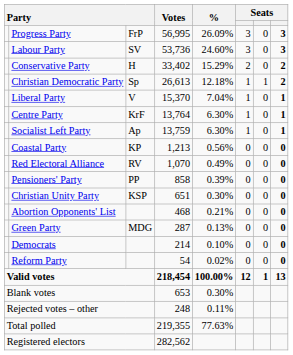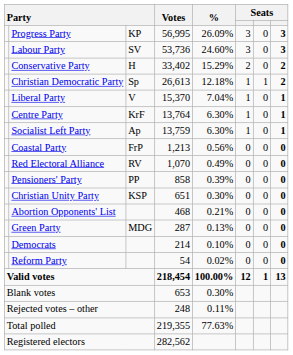 <table class="wikitable" border="1" style="text-align:right;">
 <tr>
 <th style="text-align:left;" valign=bottom rowspan=2 colspan=3>Party</th>
 <th align=center valign=bottom rowspan=2 width="50">Votes</th>
 <th align=center valign=bottom rowspan=2 width="50">%</th>
 <th colspan=3>Seats</th>
 </tr>
 <tr>
 <th align=center valign=bottom width="20"><small></small></th>
 <th align=center valign=bottom width="20"><small><a href='#'></a></small></th>
 <th align=center valign=bottom width="20"><small></small></th>
 </tr>
 <tr>
 <td style="color:inherit;background:"></td>
 <td align=left><a href='#'>Progress Party</a></td>
-<td align=left>FrP</td>
+<td align=left>KP</td>
 <td>56,995</td>
 <td>26.09%</td>
 <td>3</td>
 <td>0</td>
 <td><strong>3</strong></td>
 </tr>
 <tr>
 <td style="color:inherit;background:"></td>
 <td align=left><a href='#'>Labour Party</a></td>
 <td align=left>SV</td>
 <td>53,736</td>
 <td>24.60%</td>
 <td>3</td>
 <td>0</td>
 <td><strong>3</strong></td>
 </tr>
 <tr>
 <td style="color:inherit;background:"></td>
 <td align=left><a href='#'>Conservative Party</a></td>
 <td align=left>H</td>
 <td>33,402</td>
 <td>15.29%</td>
 <td>2</td>
 <td>0</td>
 <td><strong>2</strong></td>
 </tr>
 <tr>
 <td style="color:inherit;background:"></td>
 <td align=left><a href='#'>Christian Democratic Party</a></td>
 <td align=left>Sp</td>
 <td>26,613</td>
 <td>12.18%</td>
 <td>1</td>
 <td>1</td>
 <td><strong>2</strong></td>
 </tr>
 <tr>
 <td style="color:inherit;background:"></td>
 <td align=left><a href='#'>Liberal Party</a></td>
 <td align=left>V</td>
 <td>15,370</td>
 <td>7.04%</td>
 <td>1</td>
 <td>0</td>
 <td><strong>1</strong></td>
 </tr>
 <tr>
 <td style="color:inherit;background:"></td>
 <td align=left><a href='#'>Centre Party</a></td>
 <td align=left>KrF</td>
 <td>13,764</td>
 <td>6.30%</td>
 <td>1</td>
 <td>0</td>
 <td><strong>1</strong></td>
 </tr>
 <tr>
 <td style="color:inherit;background:"></td>
 <td align=left><a href='#'>Socialist Left Party</a></td>
 <td align=left>Ap</td>
 <td>13,759</td>
 <td>6.30%</td>
 <td>1</td>
 <td>0</td>
 <td><strong>1</strong></td>
 </tr>
 <tr>
 <td style="color:inherit;background:"></td>
 <td align=left><a href='#'>Coastal Party</a></td>
-<td align=left>KP</td>
+<td align=left>FrP</td>
 <td>1,213</td>
 <td>0.56%</td>
 <td>0</td>
 <td>0</td>
 <td><strong>0</strong></td>
 </tr>
 <tr>
 <td style="color:inherit;background:"></td>
 <td align=left><a href='#'>Red Electoral Alliance</a></td>
 <td align=left>RV</td>
 <td>1,070</td>
 <td>0.49%</td>
 <td>0</td>
 <td>0</td>
 <td><strong>0</strong></td>
 </tr>
 <tr>
 <td style="color:inherit;background:"></td>
 <td align=left><a href='#'>Pensioners' Party</a></td>
 <td align=left>PP</td>
 <td>858</td>
 <td>0.39%</td>
 <td>0</td>
 <td>0</td>
 <td><strong>0</strong></td>
 </tr>
 <tr>
 <td style="color:inherit;background:"></td>
 <td align=left><a href='#'>Christian Unity Party</a></td>
 <td align=left>KSP</td>
 <td>651</td>
 <td>0.30%</td>
 <td>0</td>
 <td>0</td>
 <td><strong>0</strong></td>
 </tr>
 <tr>
 <td></td>
 <td align=left><a href='#'>Abortion Opponents' List</a></td>
 <td align=left></td>
 <td>468</td>
 <td>0.21%</td>
 <td>0</td>
 <td>0</td>
 <td><strong>0</strong></td>
 </tr>
 <tr>
 <td style="color:inherit;background:"></td>
 <td align=left><a href='#'>Green Party</a></td>
 <td align=left>MDG</td>
 <td>287</td>
 <td>0.13%</td>
 <td>0</td>
 <td>0</td>
 <td><strong>0</strong></td>
 </tr>
 <tr>
 <td style="color:inherit;background:"></td>
 <td align=left><a href='#'>Democrats</a></td>
 <td align=left></td>
 <td>214</td>
 <td>0.10%</td>
 <td>0</td>
 <td>0</td>
 <td><strong>0</strong></td>
 </tr>
 <tr>
 <td></td>
 <td align=left><a href='#'>Reform Party</a></td>
 <td align=left></td>
 <td>54</td>
 <td>0.02%</td>
 <td>0</td>
 <td>0</td>
 <td><strong>0</strong></td>
 </tr>
 <tr style="font-weight:bold">
 <td align=left colspan=3>Valid votes</td>
 <td>218,454</td>
 <td>100.00%</td>
 <td>12</td>
 <td>1</td>
 <td>13</td>
 </tr>
 <tr>
 <td align=left colspan=3>Blank votes</td>
 <td>653</td>
 <td>0.30%</td>
 <td></td>
 <td></td>
 <td></td>
 </tr>
 <tr>
 <td align=left colspan=3>Rejected votes – other</td>
 <td>248</td>
 <td>0.11%</td>
 <td></td>
 <td></td>
 <td></td>
 </tr>
 <tr>
 <td align=left colspan=3>Total polled</td>
 <td>219,355</td>
 <td>77.63%</td>
 <td></td>
 <td></td>
 <td></td>
 </tr>
 <tr>
 <td align=left colspan=3>Registered electors</td>
 <td>282,562</td>
 <td></td>
 <td></td>
 <td></td>
 <td></td>
 </tr>
 </table>
